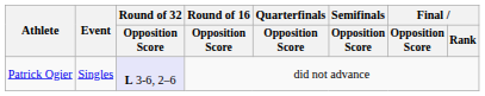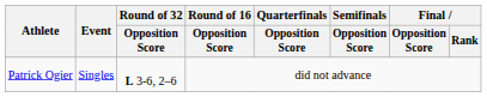 <table class=wikitable style="font-size:90%">
 <tr>
 <th rowspan=2>Athlete</th>
 <th rowspan=2>Event</th>
 <th>Round of 32</th>
 <th>Round of 16</th>
 <th>Quarterfinals</th>
 <th>Semifinals</th>
 <th colspan=2>Final / </th>
 </tr>
 <tr style="font-size:95%">
 <th>Opposition<br>Score</th>
 <th>Opposition<br>Score</th>
 <th>Opposition<br>Score</th>
 <th>Opposition<br>Score</th>
 <th>Opposition<br>Score</th>
 <th>Rank</th>
 </tr>
 <tr align=center>
 <td align=left><a href='#'>Patrick Ogier</a></td>
 <td align=left rowspan=4><a href='#'>Singles</a></td>
-<td style="background: lavender;"><br><strong>L</strong> 3-6, 2–6</td>
+<td><br><strong>L</strong> 3-6, 2–6</td>
 <td colspan=5>did not advance</td>
 </tr>
 </table>
